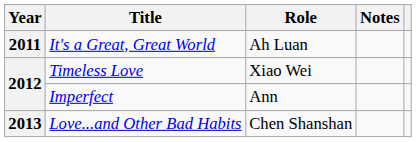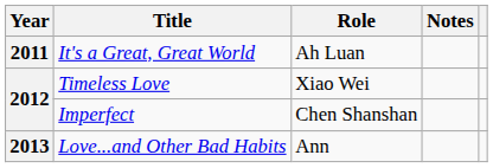 <table class="wikitable sortable plainrowheaders">
 <tr>
 <th scope="col">Year</th>
 <th scope="col">Title</th>
 <th scope="col">Role</th>
 <th scope="col" class="unsortable">Notes</th>
 <th scope="col" class="unsortable"></th>
 </tr>
 <tr>
 <th scope="row">2011</th>
 <td><em><a href='#'>It's a Great, Great World</a></em></td>
 <td>Ah Luan</td>
 <td></td>
 <td></td>
 </tr>
 <tr>
 <th scope="row" rowspan="2">2012</th>
 <td><em><a href='#'>Timeless Love</a></em></td>
 <td>Xiao Wei</td>
 <td></td>
 <td></td>
 </tr>
 <tr>
 <td><em><a href='#'>Imperfect</a></em></td>
-<td>Ann</td>
+<td>Chen Shanshan</td>
 <td></td>
 <td></td>
 </tr>
 <tr>
 <th scope="row">2013</th>
 <td><em><a href='#'>Love...and Other Bad Habits</a></em></td>
-<td>Chen Shanshan</td>
+<td>Ann</td>
 <td></td>
 <td></td>
 </tr>
 </table>
